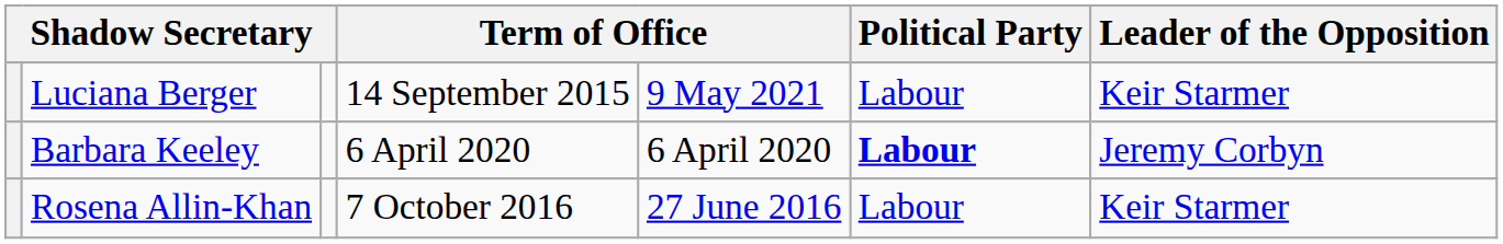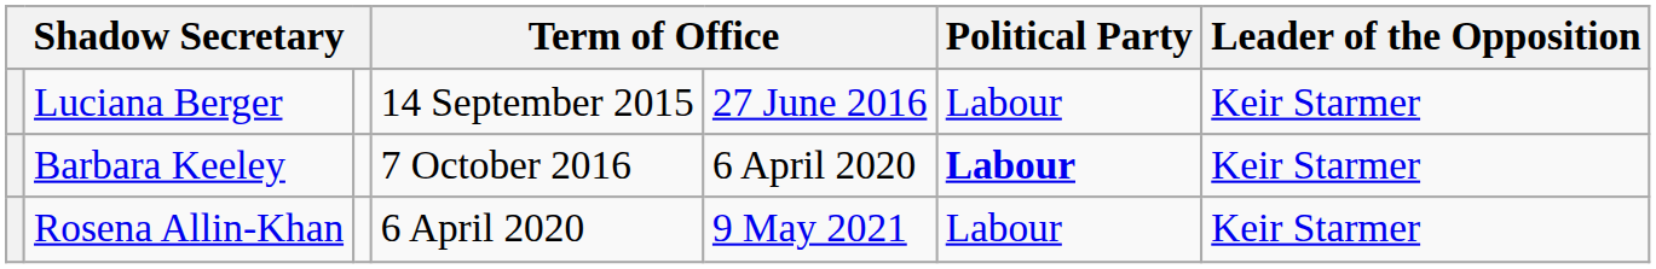 <table class="wikitable">
 <tr>
 <th colspan="3">Shadow Secretary</th>
 <th colspan="2">Term of Office</th>
 <th>Political Party</th>
 <th>Leader of the Opposition</th>
 </tr>
 <tr>
 <th style="background-color: "></th>
 <td><a href='#'>Luciana Berger</a> </td>
 <td></td>
 <td>14 September 2015</td>
-<td><a href='#'>9 May 2021</a></td>
+<td><a href='#'>27 June 2016</a></td>
 <td><a href='#'>Labour</a></td>
 <td><a href='#'>Keir Starmer</a></td>
 </tr>
 <tr>
 <th style="background-color: "></th>
 <td><a href='#'>Barbara Keeley</a>  </td>
 <td></td>
-<td>6 April 2020</td>
+<td>7 October 2016</td>
 <td>6 April 2020</td>
 <td><strong><a href='#'>Labour</a></strong></td>
-<td><a href='#'>Jeremy Corbyn</a></td>
+<td><a href='#'>Keir Starmer</a></td>
 </tr>
 <tr>
 <th style="background-color: "></th>
 <td><a href='#'>Rosena Allin-Khan</a> </td>
 <td></td>
-<td>7 October 2016</td>
-<td><a href='#'>27 June 2016</a></td>
+<td>6 April 2020</td>
+<td><a href='#'>9 May 2021</a></td>
 <td><a href='#'>Labour</a></td>
 <td><a href='#'>Keir Starmer</a></td>
 </tr>
 </table>
